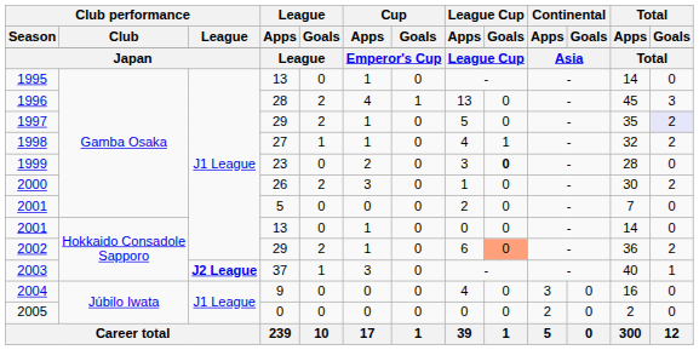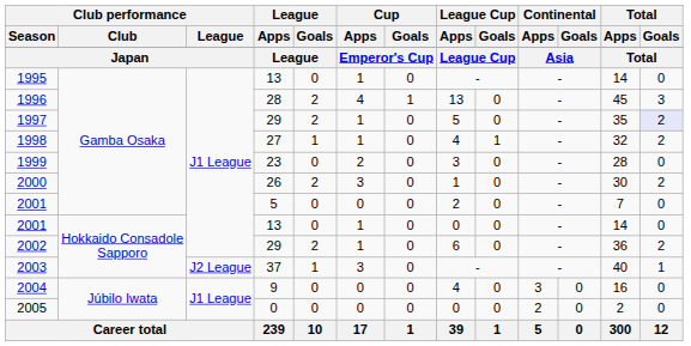 <table class="wikitable" style="text-align:center">
 <tr>
 <th colspan=3>Club performance</th>
 <th colspan=2>League</th>
 <th colspan=2>Cup</th>
 <th colspan=2>League Cup</th>
 <th colspan=2>Continental</th>
 <th colspan=2>Total</th>
 </tr>
 <tr>
 <th>Season</th>
 <th>Club</th>
 <th>League</th>
 <th>Apps</th>
 <th>Goals</th>
 <th>Apps</th>
 <th>Goals</th>
 <th>Apps</th>
 <th>Goals</th>
 <th>Apps</th>
 <th>Goals</th>
 <th>Apps</th>
 <th>Goals</th>
 </tr>
 <tr>
 </tr>
 <tr>
 <th colspan=3>Japan</th>
 <th colspan=2>League</th>
 <th colspan=2><a href='#'>Emperor's Cup</a></th>
 <th colspan=2><a href='#'>League Cup</a></th>
 <th colspan=2><a href='#'>Asia</a></th>
 <th colspan=2>Total</th>
 </tr>
 <tr>
 <td><a href='#'>1995</a></td>
 <td rowspan="7"><a href='#'>Gamba Osaka</a></td>
 <td rowspan="9"><a href='#'>J1 League</a></td>
 <td>13</td>
 <td>0</td>
 <td>1</td>
 <td>0</td>
 <td colspan="2">-</td>
 <td colspan="2">-</td>
 <td>14</td>
 <td>0</td>
 </tr>
 <tr>
 <td><a href='#'>1996</a></td>
 <td>28</td>
 <td>2</td>
 <td>4</td>
 <td>1</td>
 <td>13</td>
 <td>0</td>
 <td colspan="2">-</td>
 <td>45</td>
 <td>3</td>
 </tr>
 <tr>
 <td><a href='#'>1997</a></td>
 <td>29</td>
 <td>2</td>
 <td>1</td>
 <td>0</td>
 <td>5</td>
 <td>0</td>
 <td colspan="2">-</td>
 <td>35</td>
 <td style="background: lavender;">2</td>
 </tr>
 <tr>
 <td><a href='#'>1998</a></td>
 <td>27</td>
 <td>1</td>
 <td>1</td>
 <td>0</td>
 <td>4</td>
 <td>1</td>
 <td colspan="2">-</td>
 <td>32</td>
 <td>2</td>
 </tr>
 <tr>
 <td><a href='#'>1999</a></td>
 <td>23</td>
 <td>0</td>
 <td>2</td>
 <td>0</td>
 <td>3</td>
-<td><strong>0</strong></td>
+<td>0</td>
 <td colspan="2">-</td>
 <td>28</td>
 <td>0</td>
 </tr>
 <tr>
 <td><a href='#'>2000</a></td>
 <td>26</td>
 <td>2</td>
 <td>3</td>
 <td>0</td>
 <td>1</td>
 <td>0</td>
 <td colspan="2">-</td>
 <td>30</td>
 <td>2</td>
 </tr>
 <tr>
 <td><a href='#'>2001</a></td>
 <td>5</td>
 <td>0</td>
 <td>0</td>
 <td>0</td>
 <td>2</td>
 <td>0</td>
 <td colspan="2">-</td>
 <td>7</td>
 <td>0</td>
 </tr>
 <tr>
 <td><a href='#'>2001</a></td>
 <td rowspan="3"><a href='#'>Hokkaido Consadole<br>Sapporo</a></td>
 <td>13</td>
 <td>0</td>
 <td>1</td>
 <td>0</td>
 <td>0</td>
 <td>0</td>
 <td colspan="2">-</td>
 <td>14</td>
 <td>0</td>
 </tr>
 <tr>
 <td><a href='#'>2002</a></td>
 <td>29</td>
 <td>2</td>
 <td>1</td>
 <td>0</td>
 <td>6</td>
-<td style="background: lightsalmon;">0</td>
+<td>0</td>
 <td colspan="2">-</td>
 <td>36</td>
 <td>2</td>
 </tr>
 <tr>
 <td><a href='#'>2003</a></td>
-<td><strong><a href='#'>J2 League</a></strong></td>
+<td><a href='#'>J2 League</a></td>
 <td>37</td>
 <td>1</td>
 <td>3</td>
 <td>0</td>
 <td colspan="2">-</td>
 <td colspan="2">-</td>
 <td>40</td>
 <td>1</td>
 </tr>
 <tr>
 <td><a href='#'>2004</a></td>
 <td rowspan="2"><a href='#'>Júbilo Iwata</a></td>
 <td rowspan="2"><a href='#'>J1 League</a></td>
 <td>9</td>
 <td>0</td>
 <td>0</td>
 <td>0</td>
 <td>4</td>
 <td>0</td>
 <td>3</td>
 <td>0</td>
 <td>16</td>
 <td>0</td>
 </tr>
 <tr>
 <td>2005</td>
 <td>0</td>
 <td>0</td>
 <td>0</td>
 <td>0</td>
 <td>0</td>
 <td>0</td>
 <td>2</td>
 <td>0</td>
 <td>2</td>
 <td>0</td>
 </tr>
 <tr>
 <th colspan=3>Career total</th>
 <th>239</th>
 <th>10</th>
 <th>17</th>
 <th>1</th>
 <th>39</th>
 <th>1</th>
 <th>5</th>
 <th>0</th>
 <th>300</th>
 <th>12</th>
 </tr>
 </table>
